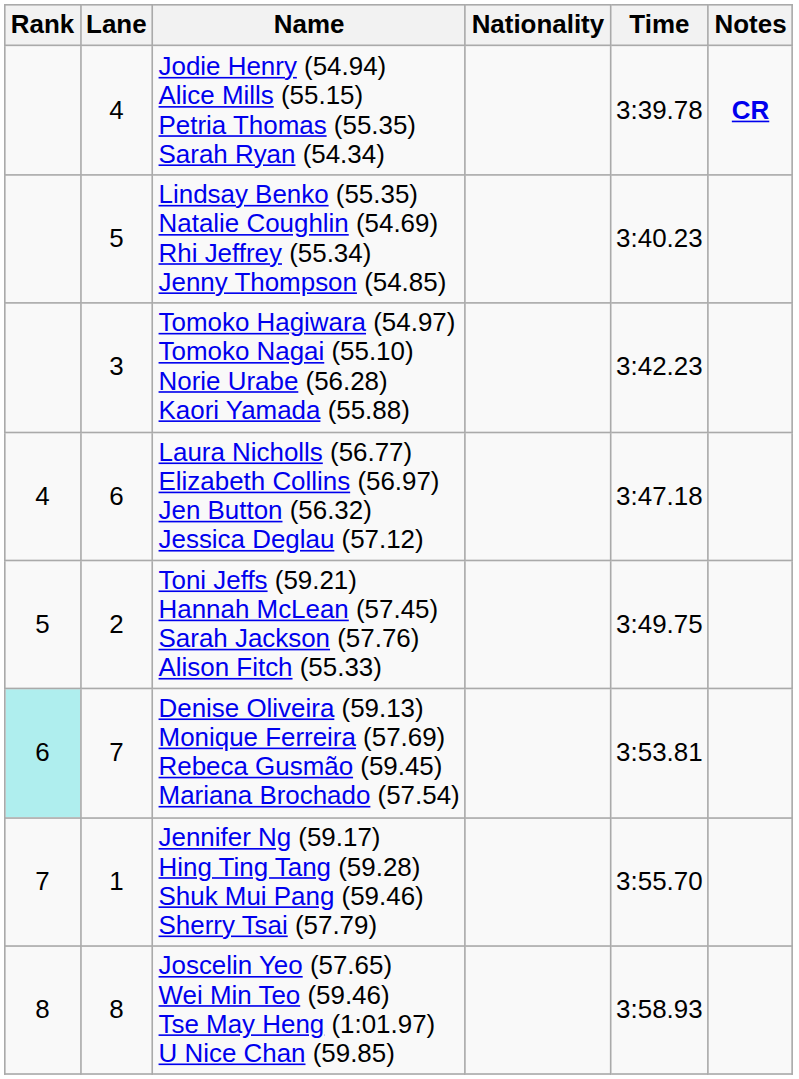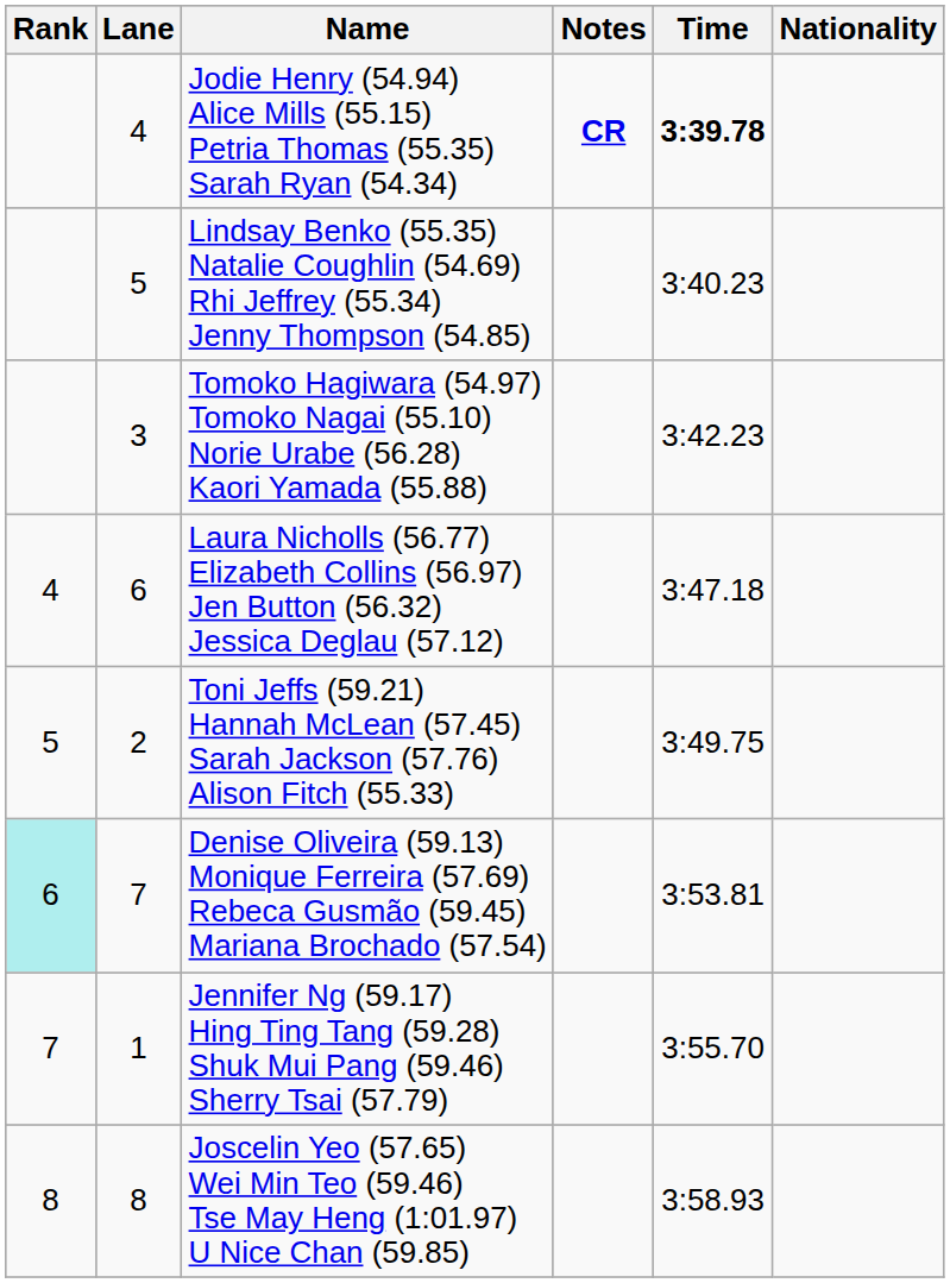 <table class="wikitable sortable" style="text-align:center">
 <tr>
 <th>Rank</th>
 <th>Lane</th>
 <th>Name</th>
+<th>Notes</th>
+<th>Time</th>
 <th>Nationality</th>
-<th>Time</th>
-<th>Notes</th>
 </tr>
 <tr>
 <td></td>
 <td>4</td>
 <td align=left><a href='#'>Jodie Henry</a> (54.94) <br> <a href='#'>Alice Mills</a> (55.15) <br> <a href='#'>Petria Thomas</a> (55.35) <br> <a href='#'>Sarah Ryan</a> (54.34)</td>
+<td><strong><a href='#'>CR</a></strong></td>
+<td><strong>3:39.78</strong></td>
 <td align=left></td>
-<td>3:39.78</td>
-<td><strong><a href='#'>CR</a></strong></td>
 </tr>
 <tr>
 <td></td>
 <td>5</td>
 <td align=left><a href='#'>Lindsay Benko</a> (55.35) <br> <a href='#'>Natalie Coughlin</a> (54.69) <br> <a href='#'>Rhi Jeffrey</a> (55.34) <br> <a href='#'>Jenny Thompson</a> (54.85)</td>
+<td></td>
+<td>3:40.23</td>
 <td align=left></td>
-<td>3:40.23</td>
-<td></td>
 </tr>
 <tr>
 <td></td>
 <td>3</td>
 <td align=left><a href='#'>Tomoko Hagiwara</a> (54.97) <br> <a href='#'>Tomoko Nagai</a> (55.10) <br> <a href='#'>Norie Urabe</a> (56.28) <br> <a href='#'>Kaori Yamada</a> (55.88) <br></td>
+<td></td>
+<td>3:42.23</td>
 <td align=left></td>
-<td>3:42.23</td>
-<td></td>
 </tr>
 <tr>
 <td>4</td>
 <td>6</td>
 <td align=left><a href='#'>Laura Nicholls</a> (56.77) <br> <a href='#'>Elizabeth Collins</a> (56.97) <br> <a href='#'>Jen Button</a> (56.32) <br> <a href='#'>Jessica Deglau</a> (57.12)</td>
+<td></td>
+<td>3:47.18</td>
 <td align=left></td>
-<td>3:47.18</td>
-<td></td>
 </tr>
 <tr>
 <td>5</td>
 <td>2</td>
 <td align=left><a href='#'>Toni Jeffs</a> (59.21) <br> <a href='#'>Hannah McLean</a> (57.45) <br> <a href='#'>Sarah Jackson</a> (57.76) <br> <a href='#'>Alison Fitch</a> (55.33)</td>
+<td></td>
+<td>3:49.75</td>
 <td align=left></td>
-<td>3:49.75</td>
-<td></td>
 </tr>
 <tr>
 <td style="background: paleturquoise;">6</td>
 <td>7</td>
 <td align=left><a href='#'>Denise Oliveira</a> (59.13) <br><a href='#'>Monique Ferreira</a> (57.69) <br><a href='#'>Rebeca Gusmão</a> (59.45) <br><a href='#'>Mariana Brochado</a> (57.54)</td>
+<td></td>
+<td>3:53.81</td>
 <td align=left></td>
-<td>3:53.81</td>
-<td></td>
 </tr>
 <tr>
 <td>7</td>
 <td>1</td>
 <td align=left><a href='#'>Jennifer Ng</a> (59.17) <br> <a href='#'>Hing Ting Tang</a> (59.28) <br> <a href='#'>Shuk Mui Pang</a> (59.46) <br> <a href='#'>Sherry Tsai</a> (57.79)</td>
+<td></td>
+<td>3:55.70</td>
 <td align=left></td>
-<td>3:55.70</td>
-<td></td>
 </tr>
 <tr>
 <td>8</td>
 <td>8</td>
 <td align=left><a href='#'>Joscelin Yeo</a> (57.65) <br> <a href='#'>Wei Min Teo</a> (59.46) <br> <a href='#'>Tse May Heng</a> (1:01.97) <br> <a href='#'>U Nice Chan</a> (59.85)</td>
+<td></td>
+<td>3:58.93</td>
 <td align=left></td>
-<td>3:58.93</td>
-<td></td>
 </tr>
 </table>
